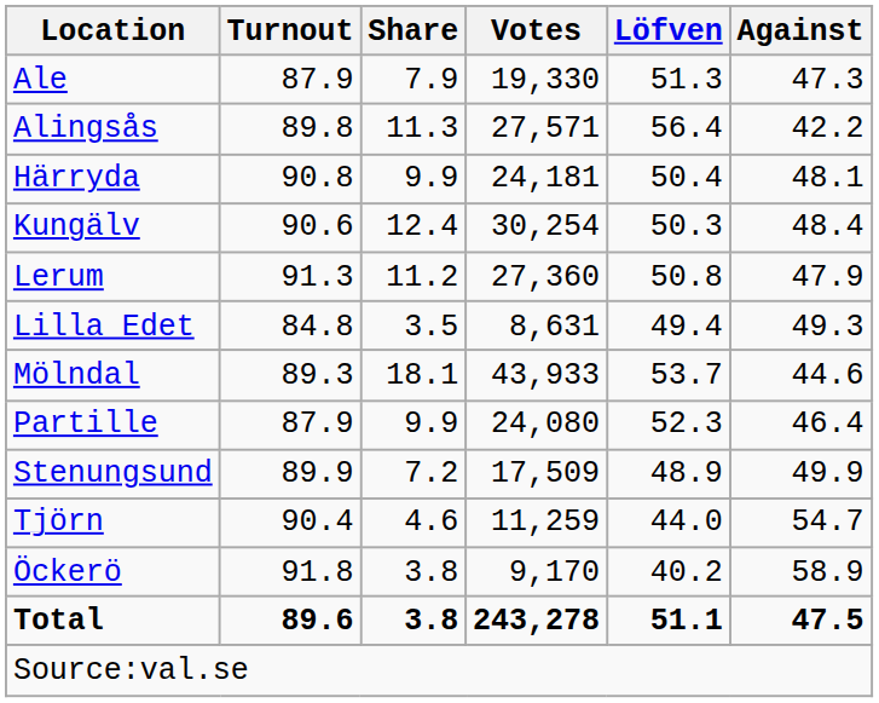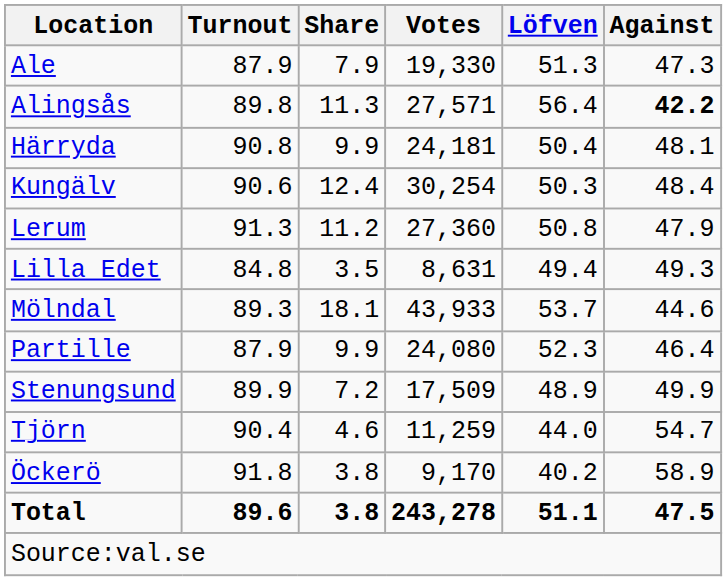 <table class="wikitable sortable" style=text-align:right>
 <tr>
 <th>Location</th>
 <th>Turnout</th>
 <th>Share</th>
 <th>Votes</th>
 <th><a href='#'>Löfven</a></th>
 <th>Against</th>
 </tr>
 <tr>
 <td align=left><a href='#'>Ale</a></td>
 <td>87.9</td>
 <td>7.9</td>
 <td>19,330</td>
 <td>51.3</td>
 <td>47.3</td>
 </tr>
 <tr>
 <td align=left><a href='#'>Alingsås</a></td>
 <td>89.8</td>
 <td>11.3</td>
 <td>27,571</td>
 <td>56.4</td>
-<td>42.2</td>
+<td><strong>42.2</strong></td>
 </tr>
 <tr>
 <td align=left><a href='#'>Härryda</a></td>
 <td>90.8</td>
 <td>9.9</td>
 <td>24,181</td>
 <td>50.4</td>
 <td>48.1</td>
 </tr>
 <tr>
 <td align=left><a href='#'>Kungälv</a></td>
 <td>90.6</td>
 <td>12.4</td>
 <td>30,254</td>
 <td>50.3</td>
 <td>48.4</td>
 </tr>
 <tr>
 <td align=left><a href='#'>Lerum</a></td>
 <td>91.3</td>
 <td>11.2</td>
 <td>27,360</td>
 <td>50.8</td>
 <td>47.9</td>
 </tr>
 <tr>
 <td align=left><a href='#'>Lilla Edet</a></td>
 <td>84.8</td>
 <td>3.5</td>
 <td>8,631</td>
 <td>49.4</td>
 <td>49.3</td>
 </tr>
 <tr>
 <td align=left><a href='#'>Mölndal</a></td>
 <td>89.3</td>
 <td>18.1</td>
 <td>43,933</td>
 <td>53.7</td>
 <td>44.6</td>
 </tr>
 <tr>
 <td align=left><a href='#'>Partille</a></td>
 <td>87.9</td>
 <td>9.9</td>
 <td>24,080</td>
 <td>52.3</td>
 <td>46.4</td>
 </tr>
 <tr>
 <td align=left><a href='#'>Stenungsund</a></td>
 <td>89.9</td>
 <td>7.2</td>
 <td>17,509</td>
 <td>48.9</td>
 <td>49.9</td>
 </tr>
 <tr>
 <td align=left><a href='#'>Tjörn</a></td>
 <td>90.4</td>
 <td>4.6</td>
 <td>11,259</td>
 <td>44.0</td>
 <td>54.7</td>
 </tr>
 <tr>
 <td align=left><a href='#'>Öckerö</a></td>
 <td>91.8</td>
 <td>3.8</td>
 <td>9,170</td>
 <td>40.2</td>
 <td>58.9</td>
 </tr>
 <tr>
 <td align=left><strong>Total</strong></td>
 <td><strong>89.6</strong></td>
 <td><strong>3.8</strong></td>
 <td><strong>243,278</strong></td>
 <td><strong>51.1</strong></td>
 <td><strong>47.5</strong></td>
 </tr>
 <tr>
 <td align=left colspan=6>Source:val.se</td>
 </tr>
 </table>
